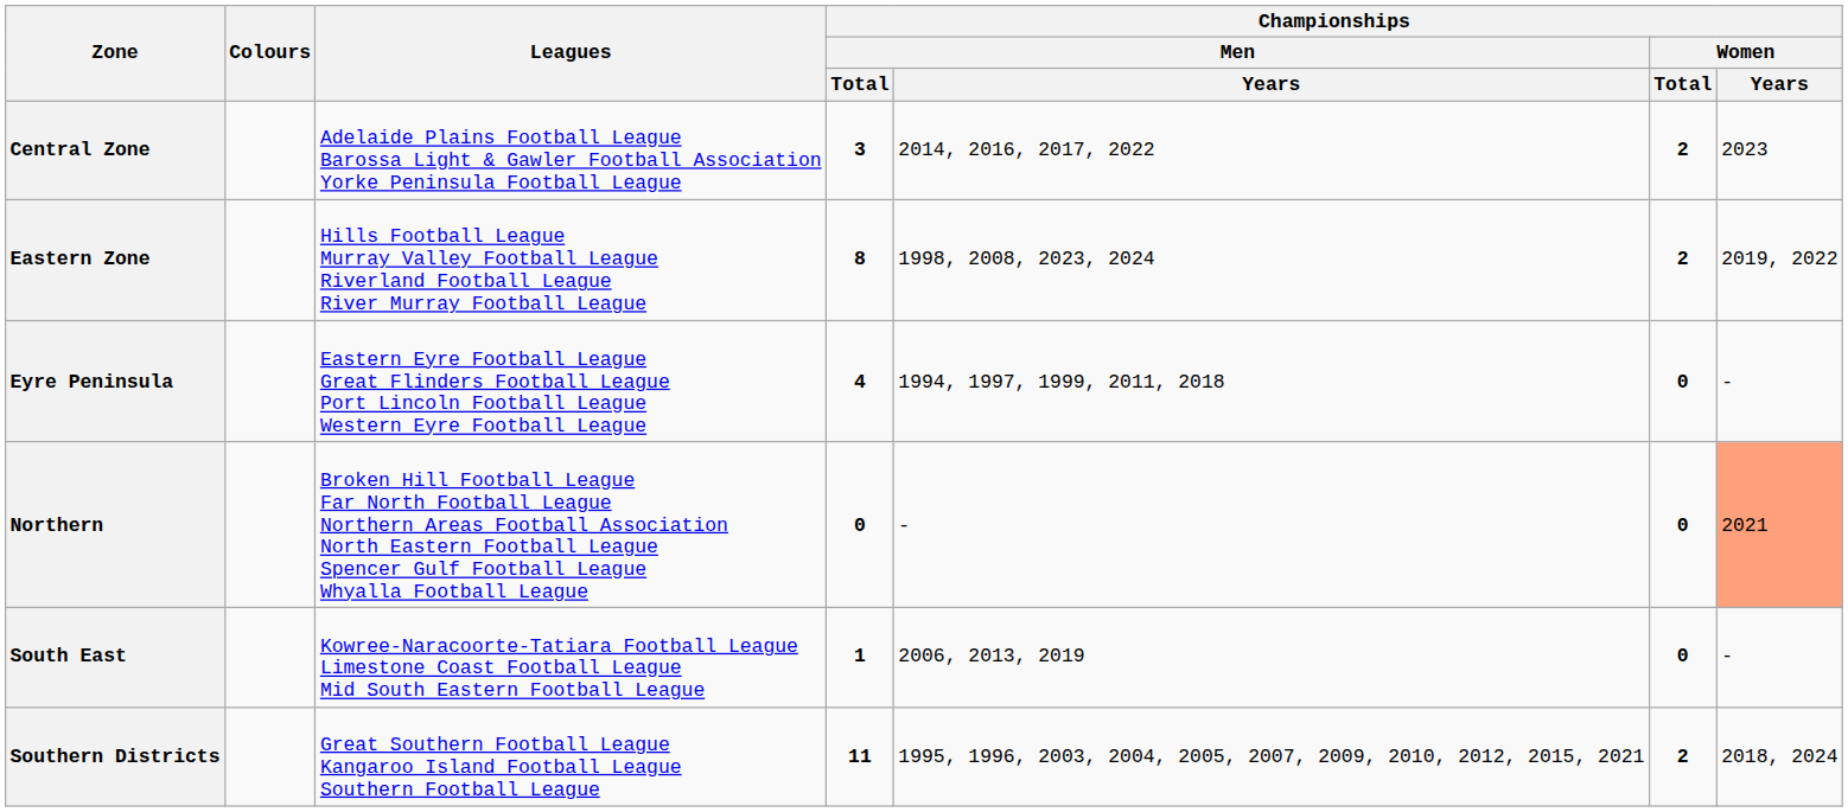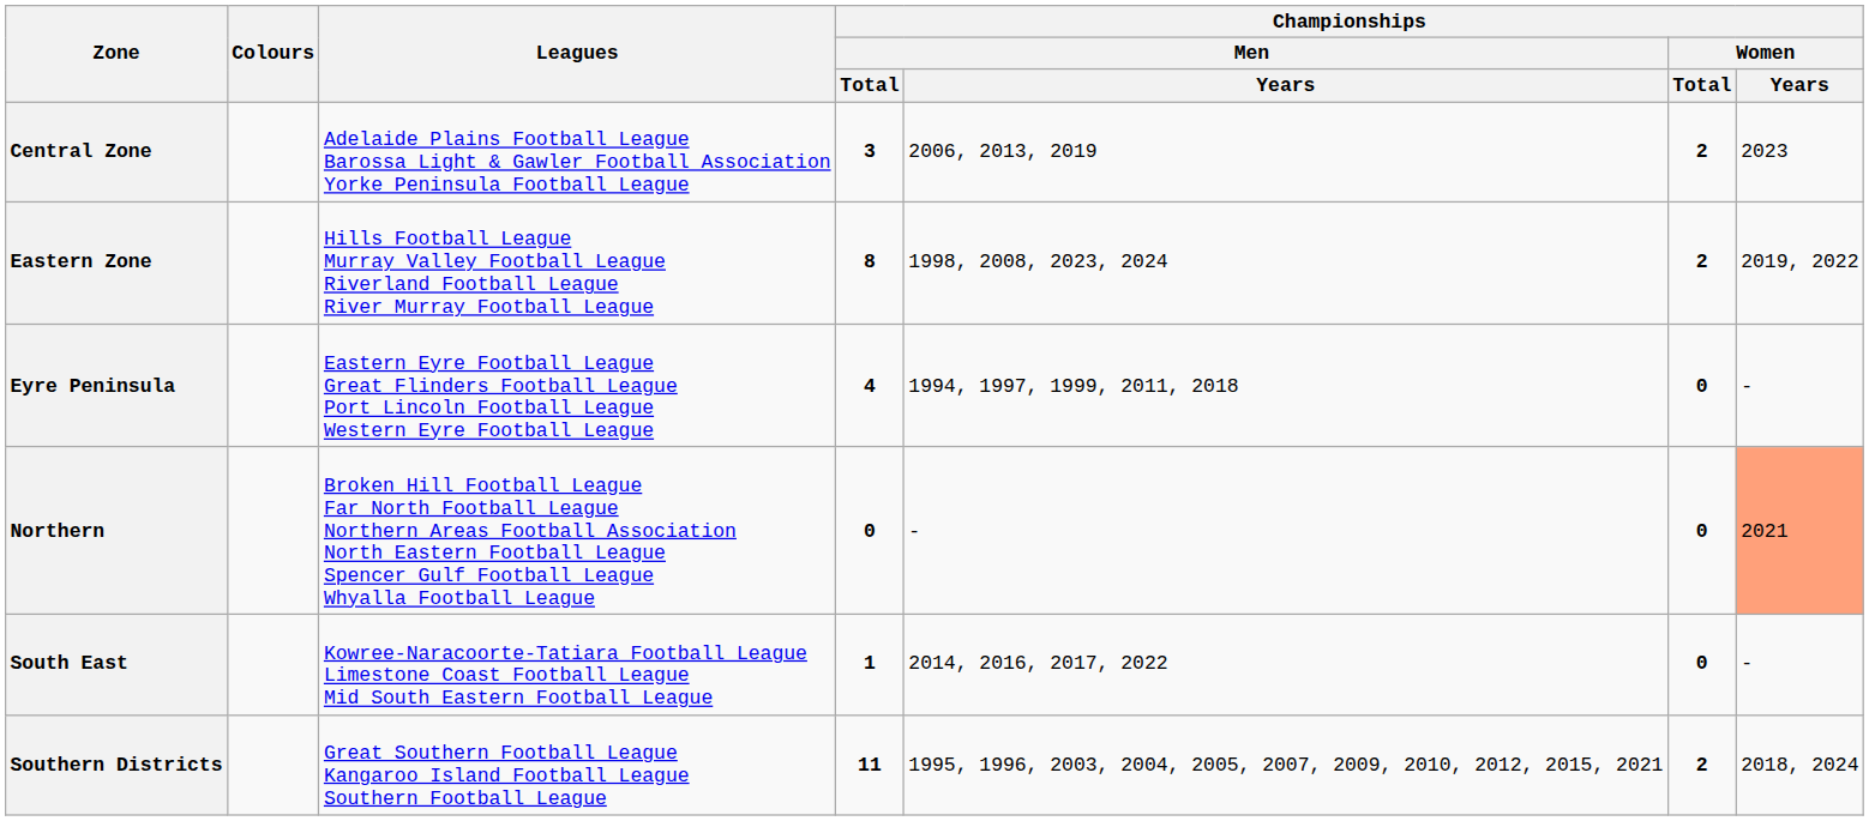 <table class="wikitable sortable">
 <tr>
 <th rowspan="3">Zone</th>
 <th rowspan="3">Colours</th>
 <th rowspan="3">Leagues</th>
 <th colspan="4">Championships</th>
 </tr>
 <tr>
 <th colspan="2">Men</th>
 <th colspan="2">Women</th>
 </tr>
 <tr>
 <th>Total</th>
 <th>Years</th>
 <th>Total</th>
 <th>Years</th>
 </tr>
 <tr>
 <th style="text-align:left">Central Zone</th>
 <td></td>
 <td><br><a href='#'>Adelaide Plains Football League</a><br> <a href='#'>Barossa Light & Gawler Football Association</a><br> <a href='#'>Yorke Peninsula Football League</a></td>
 <td style="text-align:center;"><strong>3</strong></td>
-<td>2014, 2016, 2017, 2022</td>
+<td>2006, 2013, 2019</td>
 <td style="text-align:center;"><strong>2</strong></td>
 <td>2023</td>
 </tr>
 <tr>
 <th style="text-align:left">Eastern Zone</th>
 <td></td>
 <td><br><a href='#'>Hills Football League</a><br> <a href='#'>Murray Valley Football League</a><br> <a href='#'>Riverland Football League</a><br> <a href='#'>River Murray Football League</a></td>
 <td style="text-align:center;"><strong>8</strong></td>
 <td>1998, 2008, 2023, 2024</td>
 <td style="text-align:center;"><strong>2</strong></td>
 <td>2019, 2022</td>
 </tr>
 <tr>
 <th style="text-align:left">Eyre Peninsula </th>
 <td></td>
 <td><br><a href='#'>Eastern Eyre Football League</a><br> <a href='#'>Great Flinders Football League</a><br> <a href='#'>Port Lincoln Football League</a><br> <a href='#'>Western Eyre Football League</a></td>
 <td style="text-align:center;"><strong>4</strong></td>
 <td>1994, 1997, 1999, 2011, 2018</td>
 <td style="text-align:center;"><strong>0</strong></td>
 <td>-</td>
 </tr>
 <tr>
 <th style="text-align:left">Northern</th>
 <td></td>
 <td><br><a href='#'>Broken Hill Football League</a><br> <a href='#'>Far North Football League</a><br> <a href='#'>Northern Areas Football Association</a><br> <a href='#'>North Eastern Football League</a><br> <a href='#'>Spencer Gulf Football League</a><br> <a href='#'>Whyalla Football League</a></td>
 <td style="text-align:center;"><strong>0</strong></td>
 <td>-</td>
 <td style="text-align:center;"><strong>0</strong></td>
 <td style="background: lightsalmon;">2021</td>
 </tr>
 <tr>
 <th style="text-align:left">South East</th>
 <td></td>
 <td><br><a href='#'>Kowree-Naracoorte-Tatiara Football League</a><br> <a href='#'>Limestone Coast Football League</a><br> <a href='#'>Mid South Eastern Football League</a></td>
 <td style="text-align:center;"><strong>1</strong></td>
-<td>2006, 2013, 2019</td>
+<td>2014, 2016, 2017, 2022</td>
 <td style="text-align:center;"><strong>0</strong></td>
 <td>-</td>
 </tr>
 <tr>
 <th style="text-align:left">Southern Districts</th>
 <td></td>
 <td><br><a href='#'>Great Southern Football League</a><br> <a href='#'>Kangaroo Island Football League</a><br> <a href='#'>Southern Football League</a></td>
 <td style="text-align:center;"><strong>11</strong></td>
 <td>1995, 1996, 2003, 2004, 2005, 2007, 2009, 2010, 2012, 2015, 2021</td>
 <td style="text-align:center;"><strong>2</strong></td>
 <td>2018, 2024</td>
 </tr>
 </table>
